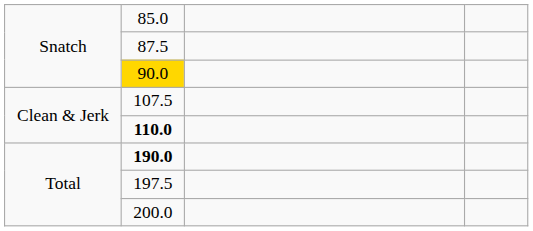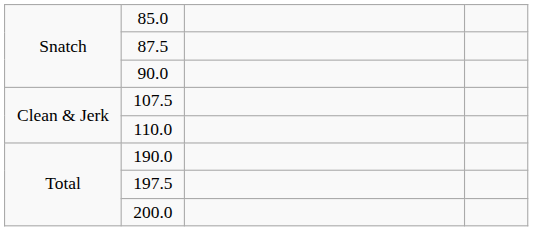 <table class = "wikitable" style="text-align:center;">
 <tr>
 <td rowspan=3 width=100>Snatch</td>
 <td width=50>85.0</td>
 <td width=250 align=left></td>
 <td width=50></td>
 </tr>
 <tr>
 <td>87.5</td>
 <td align=left></td>
 <td></td>
 </tr>
 <tr>
-<td style="background: gold;">90.0</td>
+<td>90.0</td>
 <td align=left></td>
 <td></td>
 </tr>
 <tr>
 <td rowspan=2>Clean & Jerk</td>
 <td>107.5</td>
 <td align=left></td>
 <td></td>
 </tr>
 <tr>
-<td><strong>110.0</strong></td>
+<td>110.0</td>
 <td align=left></td>
 <td></td>
 </tr>
 <tr>
 <td rowspan=3>Total</td>
-<td><strong>190.0</strong></td>
+<td>190.0</td>
 <td align=left></td>
 <td></td>
 </tr>
 <tr>
 <td>197.5</td>
 <td align=left></td>
 <td></td>
 </tr>
 <tr>
 <td>200.0</td>
 <td align=left></td>
 <td></td>
 </tr>
 </table>
